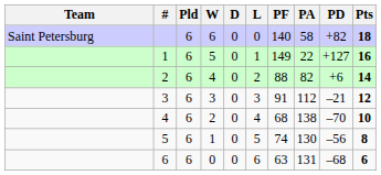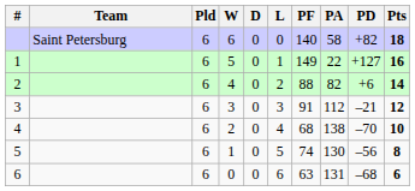 <table class="wikitable" style="text-align:center;">
 <tr>
+<th width=20>#</th>
 <th width=175>Team</th>
-<th width=20>#</th>
 <th width=20 abbr="Played">Pld</th>
 <th width=20 abbr="Won">W</th>
 <th width=20 abbr="Drawn">D</th>
 <th width=20 abbr="Lost">L</th>
 <th width=20 abbr="Points for">PF</th>
 <th width=20 abbr="Points against">PA</th>
 <th width=25 abbr="Points difference">PD</th>
 <th width=20 abbr="Points">Pts</th>
 </tr>
 <tr bgcolor=ccccff>
+<td></td>
 <td align=left>Saint Petersburg</td>
-<td></td>
 <td>6</td>
 <td>6</td>
 <td>0</td>
 <td>0</td>
 <td>140</td>
 <td>58</td>
 <td>+82</td>
 <td><strong>18</strong></td>
 </tr>
 <tr bgcolor=ccffcc>
+<td>1</td>
 <td align=left></td>
-<td>1</td>
 <td>6</td>
 <td>5</td>
 <td>0</td>
 <td>1</td>
 <td>149</td>
 <td>22</td>
 <td>+127</td>
 <td><strong>16</strong></td>
 </tr>
 <tr bgcolor=ccffcc>
+<td>2</td>
 <td align=left></td>
-<td>2</td>
 <td>6</td>
 <td>4</td>
 <td>0</td>
 <td>2</td>
 <td>88</td>
 <td>82</td>
 <td>+6</td>
 <td><strong>14</strong></td>
 </tr>
 <tr>
+<td>3</td>
 <td align=left></td>
-<td>3</td>
 <td>6</td>
 <td>3</td>
 <td>0</td>
 <td>3</td>
 <td>91</td>
 <td>112</td>
 <td>–21</td>
 <td><strong>12</strong></td>
 </tr>
 <tr>
+<td>4</td>
 <td align=left></td>
-<td>4</td>
 <td>6</td>
 <td>2</td>
 <td>0</td>
 <td>4</td>
 <td>68</td>
 <td>138</td>
 <td>–70</td>
 <td><strong>10</strong></td>
 </tr>
 <tr>
+<td>5</td>
 <td align=left></td>
-<td>5</td>
 <td>6</td>
 <td>1</td>
 <td>0</td>
 <td>5</td>
 <td>74</td>
 <td>130</td>
 <td>–56</td>
 <td><strong>8</strong></td>
 </tr>
 <tr>
+<td>6</td>
 <td align=left></td>
-<td>6</td>
 <td>6</td>
 <td>0</td>
 <td>0</td>
 <td>6</td>
 <td>63</td>
 <td>131</td>
 <td>–68</td>
 <td><strong>6</strong></td>
 </tr>
 </table>
